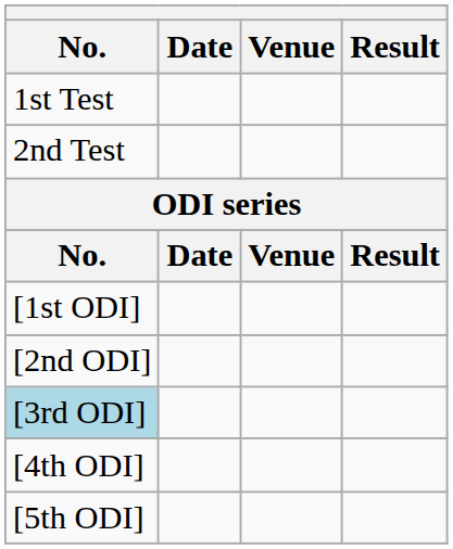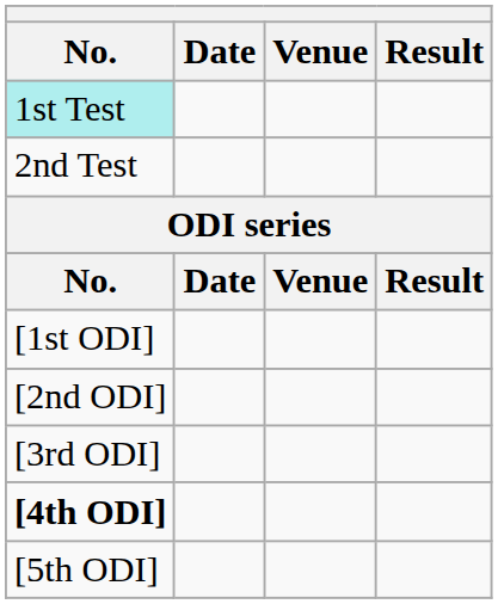 <table class="wikitable">
 <tr>
 <th colspan="4"></th>
 </tr>
 <tr>
 <th>No.</th>
 <th>Date</th>
 <th>Venue</th>
 <th>Result</th>
 </tr>
 <tr>
-<td>1st Test</td>
+<td style="background: paleturquoise;">1st Test</td>
 <td></td>
 <td></td>
 <td></td>
 </tr>
 <tr>
 <td>2nd Test</td>
 <td></td>
 <td></td>
 <td></td>
 </tr>
 <tr>
 <th colspan="4">ODI series</th>
 </tr>
 <tr>
 <th>No.</th>
 <th>Date</th>
 <th>Venue</th>
 <th>Result</th>
 </tr>
 <tr>
 <td>[1st ODI]</td>
 <td></td>
 <td></td>
 <td></td>
 </tr>
 <tr>
 <td>[2nd ODI]</td>
 <td></td>
 <td></td>
 <td></td>
 </tr>
 <tr>
-<td style="background: lightblue;">[3rd ODI]</td>
+<td>[3rd ODI]</td>
 <td></td>
 <td></td>
 <td></td>
 </tr>
 <tr>
-<td>[4th ODI]</td>
+<td><strong>[4th ODI]</strong></td>
 <td></td>
 <td></td>
 <td></td>
 </tr>
 <tr>
 <td>[5th ODI]</td>
 <td></td>
 <td></td>
 <td></td>
 </tr>
 </table>
